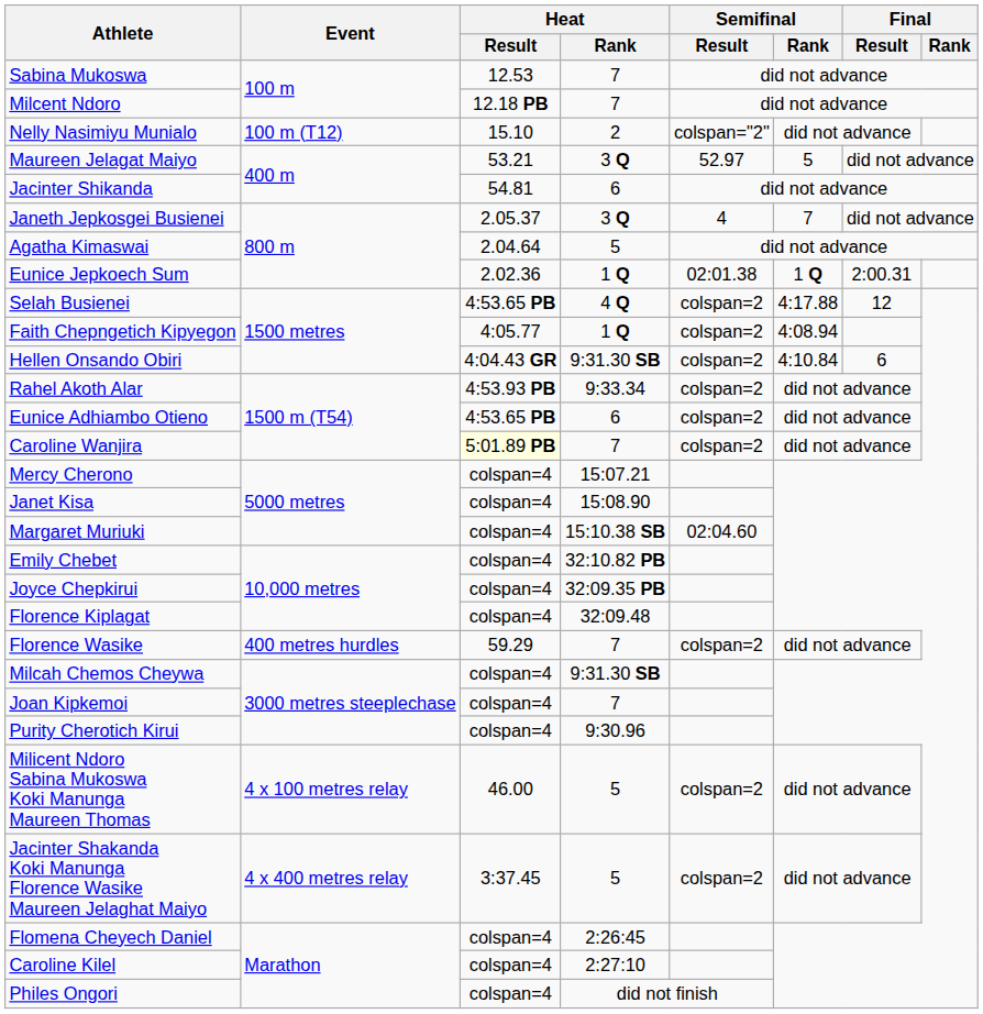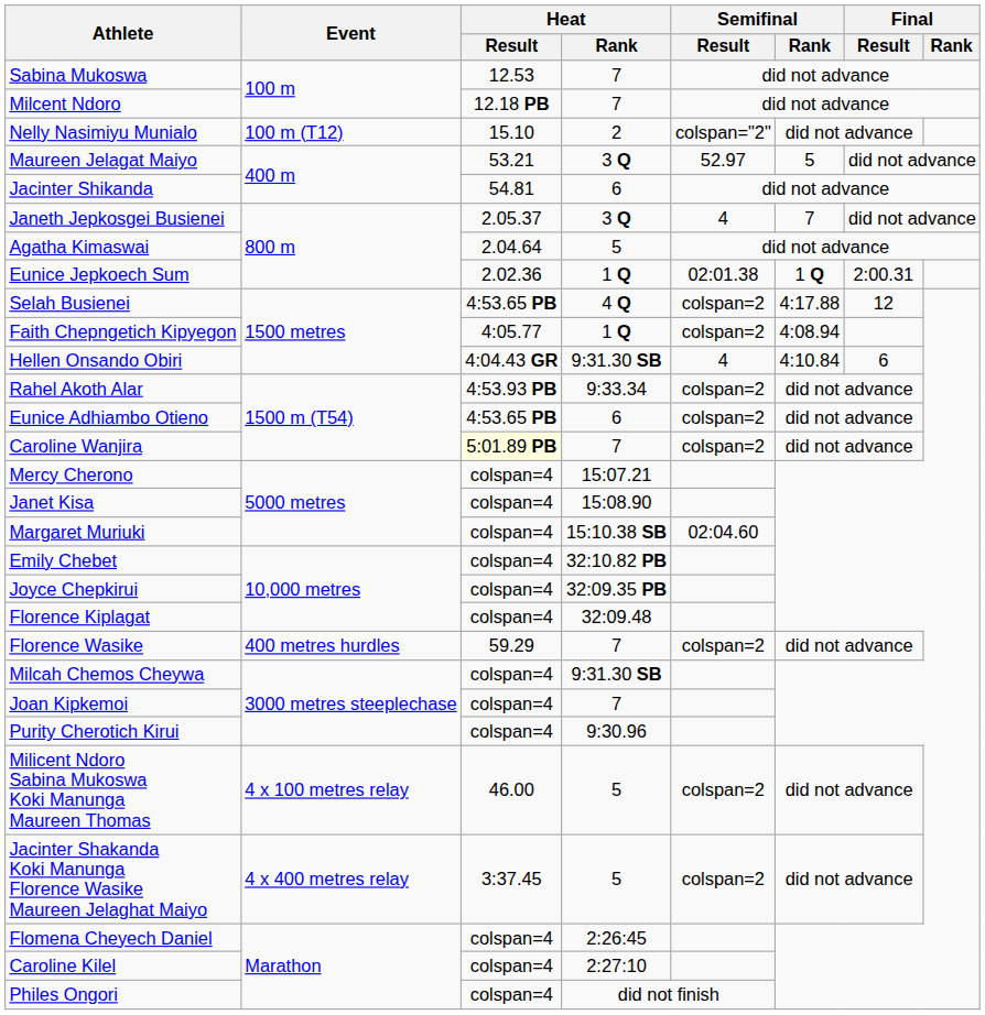 <table class="wikitable" style="font-size:90%">
 <tr>
 <th rowspan=2>Athlete</th>
 <th rowspan=2>Event</th>
 <th colspan=2>Heat</th>
 <th colspan=2>Semifinal</th>
 <th colspan=2>Final</th>
 </tr>
 <tr style="font-size:95%">
 <th>Result</th>
 <th>Rank</th>
 <th>Result</th>
 <th>Rank</th>
 <th>Result</th>
 <th>Rank</th>
 </tr>
 <tr align=center>
 <td align=left><a href='#'>Sabina Mukoswa</a></td>
 <td align=left rowspan="2"><a href='#'>100 m</a></td>
 <td>12.53</td>
 <td>7</td>
 <td colspan=4>did not advance</td>
 </tr>
 <tr align=center>
 <td align=left><a href='#'>Milcent Ndoro</a></td>
 <td>12.18 <strong>PB</strong></td>
 <td>7</td>
 <td colspan=4>did not advance</td>
 </tr>
 <tr align=center>
 <td align=left><a href='#'>Nelly Nasimiyu Munialo</a></td>
 <td align=left><a href='#'>100 m (T12)</a></td>
 <td>15.10</td>
 <td>2</td>
 <td>colspan="2" </td>
 <td colspan=2>did not advance</td>
 </tr>
 <tr align=center>
 <td align=left><a href='#'>Maureen Jelagat Maiyo</a></td>
 <td align=left rowspan="2"><a href='#'>400 m</a></td>
 <td>53.21</td>
 <td>3 <strong>Q</strong></td>
 <td>52.97</td>
 <td>5</td>
 <td colspan="2">did not advance</td>
 </tr>
 <tr align=center>
 <td align=left><a href='#'>Jacinter Shikanda</a></td>
 <td>54.81</td>
 <td>6</td>
 <td colspan="4">did not advance</td>
 </tr>
 <tr align=center>
 <td align=left><a href='#'>Janeth Jepkosgei Busienei</a></td>
 <td align=left rowspan="3"><a href='#'>800 m</a></td>
 <td>2.05.37</td>
 <td>3 <strong>Q</strong></td>
 <td>4</td>
 <td>7</td>
 <td colspan="2">did not advance</td>
 </tr>
 <tr align=center>
 <td align=left><a href='#'>Agatha Kimaswai</a></td>
 <td>2.04.64</td>
 <td>5</td>
 <td colspan="4">did not advance</td>
 </tr>
 <tr align=center>
 <td align=left><a href='#'>Eunice Jepkoech Sum</a></td>
 <td>2.02.36</td>
 <td>1 <strong>Q</strong></td>
 <td>02:01.38</td>
 <td>1 <strong>Q</strong></td>
 <td>2:00.31</td>
 <td></td>
 </tr>
 <tr align=center>
 <td align=left><a href='#'>Selah Busienei</a></td>
 <td align=left rowspan="3"><a href='#'>1500 metres</a></td>
 <td>4:53.65 <strong>PB</strong></td>
 <td>4 <strong>Q</strong></td>
 <td>colspan=2 </td>
 <td>4:17.88</td>
 <td>12</td>
 </tr>
 <tr align=center>
 <td align=left><a href='#'>Faith Chepngetich Kipyegon</a></td>
 <td>4:05.77</td>
 <td>1 <strong>Q</strong></td>
 <td>colspan=2 </td>
 <td>4:08.94</td>
 <td></td>
 </tr>
 <tr align=center>
 <td align=left><a href='#'>Hellen Onsando Obiri</a></td>
 <td>4:04.43 <strong>GR</strong></td>
 <td>9:31.30 <strong>SB</strong></td>
-<td>colspan=2 </td>
+<td>4</td>
 <td>4:10.84</td>
 <td>6</td>
 </tr>
 <tr align=center>
 <td align=left><a href='#'>Rahel Akoth Alar</a></td>
 <td align=left rowspan=3><a href='#'>1500 m (T54)</a></td>
 <td>4:53.93 <strong>PB</strong></td>
 <td>9:33.34</td>
 <td>colspan=2 </td>
 <td colspan="2">did not advance</td>
 </tr>
 <tr align=center>
 <td align=left><a href='#'>Eunice Adhiambo Otieno</a></td>
 <td>4:53.65 <strong>PB</strong></td>
 <td>6</td>
 <td>colspan=2 </td>
 <td colspan="2">did not advance</td>
 </tr>
 <tr align=center>
 <td align=left><a href='#'>Caroline Wanjira</a></td>
 <td style="background: lightyellow;">5:01.89 <strong>PB</strong></td>
 <td>7</td>
 <td>colspan=2 </td>
 <td colspan="2">did not advance</td>
 </tr>
 <tr align=center>
 <td align=left><a href='#'>Mercy Cherono</a></td>
 <td align=left rowspan=3><a href='#'>5000 metres</a></td>
 <td>colspan=4 </td>
 <td>15:07.21</td>
 <td></td>
 </tr>
 <tr align=center>
 <td align=left><a href='#'>Janet Kisa</a></td>
 <td>colspan=4 </td>
 <td>15:08.90</td>
 <td></td>
 </tr>
 <tr align=center>
 <td align=left><a href='#'>Margaret Muriuki</a></td>
 <td>colspan=4 </td>
 <td>15:10.38  <strong>SB</strong></td>
 <td>02:04.60</td>
 </tr>
 <tr align=center>
 <td align=left><a href='#'>Emily Chebet</a></td>
 <td align=left rowspan=3><a href='#'>10,000 metres</a></td>
 <td>colspan=4 </td>
 <td>32:10.82  <strong>PB</strong></td>
 <td></td>
 </tr>
 <tr align=center>
 <td align=left><a href='#'>Joyce Chepkirui</a></td>
 <td>colspan=4 </td>
 <td>32:09.35 <strong>PB</strong></td>
 <td></td>
 </tr>
 <tr align=center>
 <td align=left><a href='#'>Florence Kiplagat</a></td>
 <td>colspan=4 </td>
 <td>32:09.48</td>
 <td></td>
 </tr>
 <tr align=center>
 <td align=left><a href='#'>Florence Wasike</a></td>
 <td align=left><a href='#'>400 metres hurdles</a></td>
 <td>59.29</td>
 <td>7</td>
 <td>colspan=2 </td>
 <td colspan=2>did not advance</td>
 </tr>
 <tr align=center>
 <td align=left><a href='#'>Milcah Chemos Cheywa</a></td>
 <td align=left rowspan=3><a href='#'>3000 metres steeplechase</a></td>
 <td>colspan=4 </td>
 <td>9:31.30 <strong>SB</strong></td>
 <td></td>
 </tr>
 <tr align=center>
 <td align=left><a href='#'>Joan Kipkemoi</a></td>
 <td>colspan=4 </td>
 <td>7</td>
 <td></td>
 </tr>
 <tr align=center>
 <td align=left><a href='#'>Purity Cherotich Kirui</a></td>
 <td>colspan=4 </td>
 <td>9:30.96</td>
 <td></td>
 </tr>
 <tr align=center>
 <td align=left><a href='#'>Milicent Ndoro</a><br><a href='#'>Sabina Mukoswa</a><br><a href='#'>Koki Manunga</a><br><a href='#'>Maureen Thomas</a></td>
 <td align=left><a href='#'>4 x 100 metres relay</a></td>
 <td>46.00</td>
 <td>5</td>
 <td>colspan=2 </td>
 <td colspan=2>did not advance</td>
 </tr>
 <tr align=center>
 <td align=left><a href='#'>Jacinter Shakanda</a><br><a href='#'>Koki Manunga</a><br><a href='#'>Florence Wasike</a><br><a href='#'>Maureen Jelaghat Maiyo</a></td>
 <td align=left><a href='#'>4 x 400 metres relay</a></td>
 <td>3:37.45</td>
 <td>5</td>
 <td>colspan=2 </td>
 <td colspan=2>did not advance</td>
 </tr>
 <tr align=center>
 <td align=left><a href='#'>Flomena Cheyech Daniel</a></td>
 <td align=left rowspan=3><a href='#'>Marathon</a></td>
 <td>colspan=4 </td>
 <td>2:26:45</td>
 <td></td>
 </tr>
 <tr align=center>
 <td align=left><a href='#'>Caroline Kilel</a></td>
 <td>colspan=4 </td>
 <td>2:27:10</td>
 <td></td>
 </tr>
 <tr align=center>
 <td align=left><a href='#'>Philes Ongori</a></td>
 <td>colspan=4 </td>
 <td colspan=2>did not finish</td>
 </tr>
 </table>
